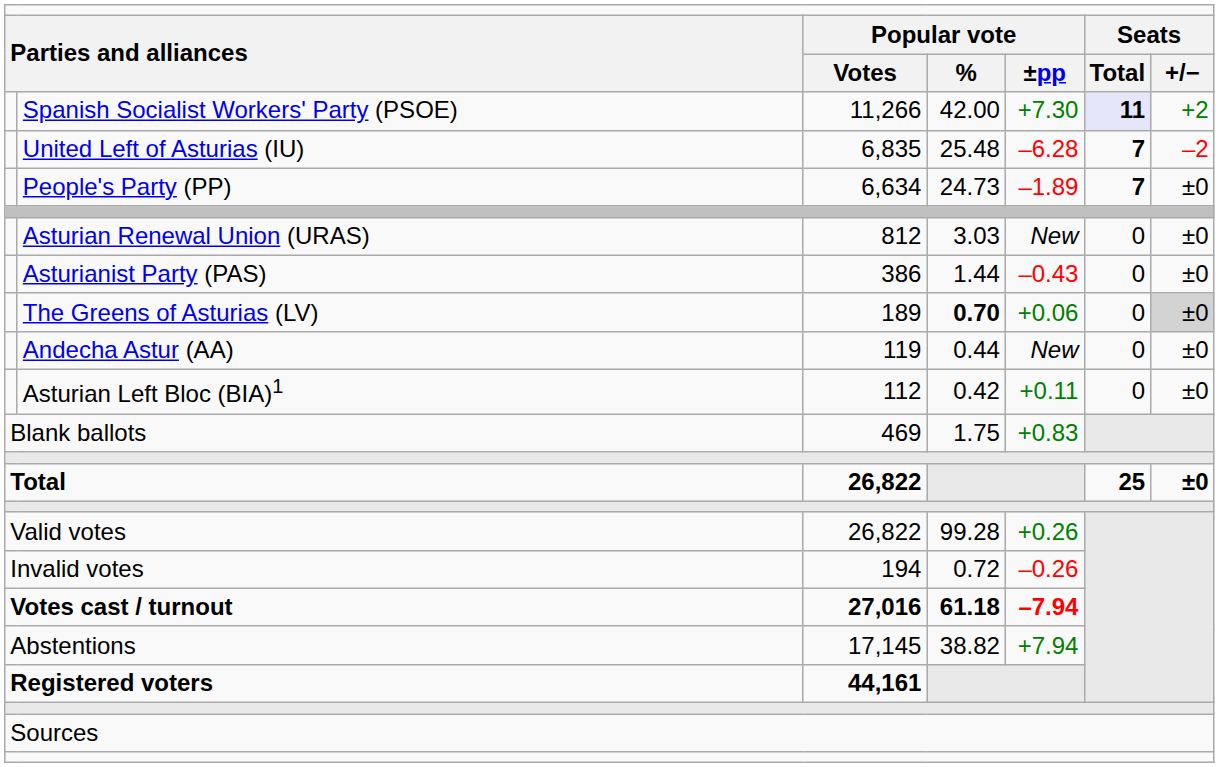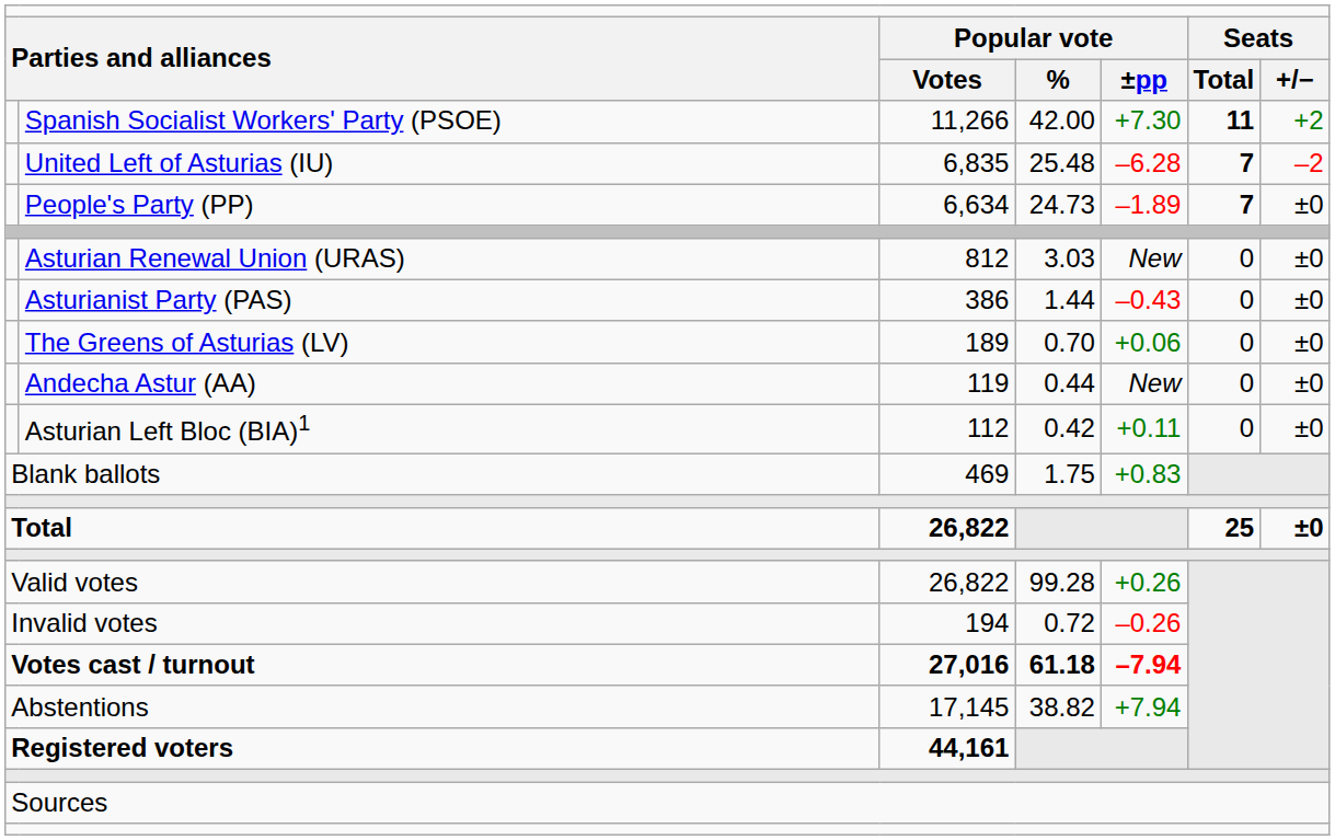 <table class="wikitable" style="text-align:right;">
 <tr>
 <td colspan="7"></td>
 </tr>
 <tr>
 <th style="text-align:left;" rowspan="2" colspan="2" width="525">Parties and alliances</th>
 <th colspan="3">Popular vote</th>
 <th colspan="2">Seats</th>
 </tr>
 <tr>
 <th width="75">Votes</th>
 <th width="45">%</th>
 <th width="45">±<a href='#'>pp</a></th>
 <th width="35">Total</th>
 <th width="35">+/−</th>
 </tr>
 <tr>
 <td width="1" style="color:inherit;background:"></td>
 <td align="left"><a href='#'>Spanish Socialist Workers' Party</a> (PSOE)</td>
 <td>11,266</td>
 <td>42.00</td>
 <td style="color:green;">+7.30</td>
-<td style="background: lavender;"><strong>11</strong></td>
+<td><strong>11</strong></td>
 <td style="color:green;">+2</td>
 </tr>
 <tr>
 <td style="color:inherit;background:"></td>
 <td align="left"><a href='#'>United Left of Asturias</a> (IU)</td>
 <td>6,835</td>
 <td>25.48</td>
 <td style="color:red;">–6.28</td>
 <td><strong>7</strong></td>
 <td style="color:red;">–2</td>
 </tr>
 <tr>
 <td style="color:inherit;background:"></td>
 <td align="left"><a href='#'>People's Party</a> (PP)</td>
 <td>6,634</td>
 <td>24.73</td>
 <td style="color:red;">–1.89</td>
 <td><strong>7</strong></td>
 <td>±0</td>
 </tr>
 <tr>
 <td colspan="7" bgcolor="#C0C0C0"></td>
 </tr>
 <tr>
 <td style="color:inherit;background:"></td>
 <td align="left"><a href='#'>Asturian Renewal Union</a> (URAS)</td>
 <td>812</td>
 <td>3.03</td>
 <td><em>New</em></td>
 <td>0</td>
 <td>±0</td>
 </tr>
 <tr>
 <td style="color:inherit;background:"></td>
 <td align="left"><a href='#'>Asturianist Party</a> (PAS)</td>
 <td>386</td>
 <td>1.44</td>
 <td style="color:red;">–0.43</td>
 <td>0</td>
 <td>±0</td>
 </tr>
 <tr>
 <td style="color:inherit;background:"></td>
 <td align="left"><a href='#'>The Greens of Asturias</a> (LV)</td>
 <td>189</td>
-<td><strong>0.70</strong></td>
+<td>0.70</td>
 <td style="color:green;">+0.06</td>
 <td>0</td>
-<td style="background: lightgrey;">±0</td>
+<td>±0</td>
 </tr>
 <tr>
 <td style="color:inherit;background:"></td>
 <td align="left"><a href='#'>Andecha Astur</a> (AA)</td>
 <td>119</td>
 <td>0.44</td>
 <td><em>New</em></td>
 <td>0</td>
 <td>±0</td>
 </tr>
 <tr>
 <td style="color:inherit;background:"></td>
 <td align="left">Asturian Left Bloc (BIA)<sup>1</sup></td>
 <td>112</td>
 <td>0.42</td>
 <td style="color:green;">+0.11</td>
 <td>0</td>
 <td>±0</td>
 </tr>
 <tr>
 <td align="left" colspan="2">Blank ballots</td>
 <td>469</td>
 <td>1.75</td>
 <td style="color:green;">+0.83</td>
 <td bgcolor="#E9E9E9" colspan="2"></td>
 </tr>
 <tr>
 <td colspan="7" bgcolor="#E9E9E9"></td>
 </tr>
 <tr style="font-weight:bold;">
 <td align="left" colspan="2">Total</td>
 <td>26,822</td>
 <td bgcolor="#E9E9E9" colspan="2"></td>
 <td>25</td>
 <td>±0</td>
 </tr>
 <tr>
 <td colspan="7" bgcolor="#E9E9E9"></td>
 </tr>
 <tr>
 <td align="left" colspan="2">Valid votes</td>
 <td>26,822</td>
 <td>99.28</td>
 <td style="color:green;">+0.26</td>
 <td bgcolor="#E9E9E9" colspan="2" rowspan="5"></td>
 </tr>
 <tr>
 <td align="left" colspan="2">Invalid votes</td>
 <td>194</td>
 <td>0.72</td>
 <td style="color:red;">–0.26</td>
 </tr>
 <tr style="font-weight:bold;">
 <td align="left" colspan="2">Votes cast / turnout</td>
 <td>27,016</td>
 <td>61.18</td>
 <td style="color:red;">–7.94</td>
 </tr>
 <tr>
 <td align="left" colspan="2">Abstentions</td>
 <td>17,145</td>
 <td>38.82</td>
 <td style="color:green;">+7.94</td>
 </tr>
 <tr style="font-weight:bold;">
 <td align="left" colspan="2">Registered voters</td>
 <td>44,161</td>
 <td bgcolor="#E9E9E9" colspan="2"></td>
 </tr>
 <tr>
 <td colspan="7" bgcolor="#E9E9E9"></td>
 </tr>
 <tr>
 <td align="left" colspan="7">Sources</td>
 </tr>
 <tr>
 <td colspan="7" style="text-align:left; max-width:790px;"></td>
 </tr>
 </table>
